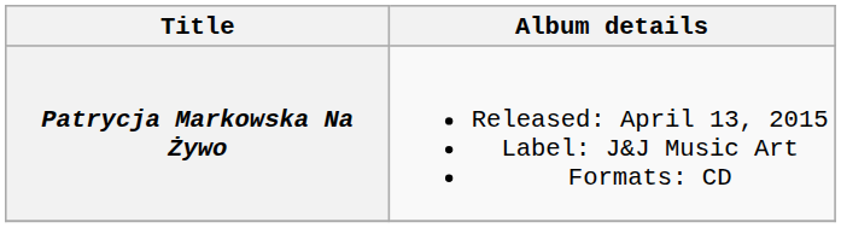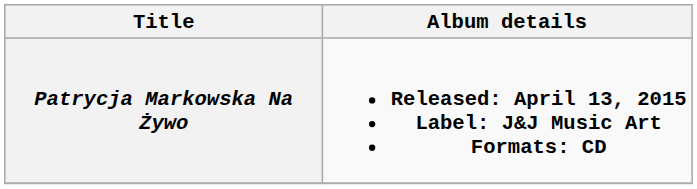 <table class="wikitable plainrowheaders" style="text-align:center;">
 <tr>
 <th scope="col" style="width:15em;">Title</th>
 <th scope="col">Album details</th>
 </tr>
 <tr>
 <th scope="row"><em>Patrycja Markowska Na Żywo</em></th>
-<td><br><ul><li>Released: April 13, 2015</li><li>Label: J&J Music Art</li><li>Formats: CD</li></ul></td>
+<td><strong><br><ul><li>Released: April 13, 2015</li><li>Label: J&J Music Art</li><li>Formats: CD</li></ul></strong></td>
 </tr>
 <tr>
 </tr>
 </table>
